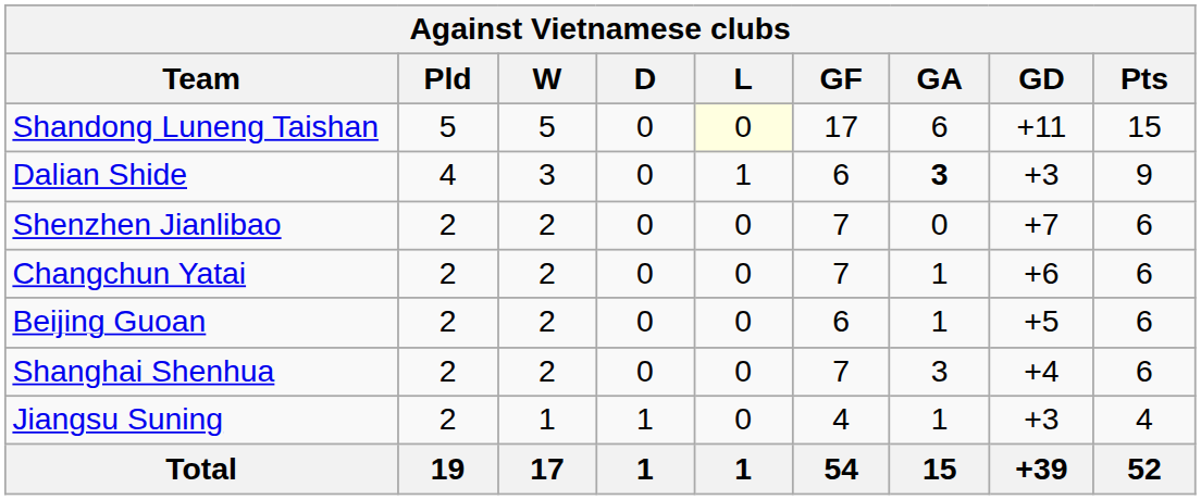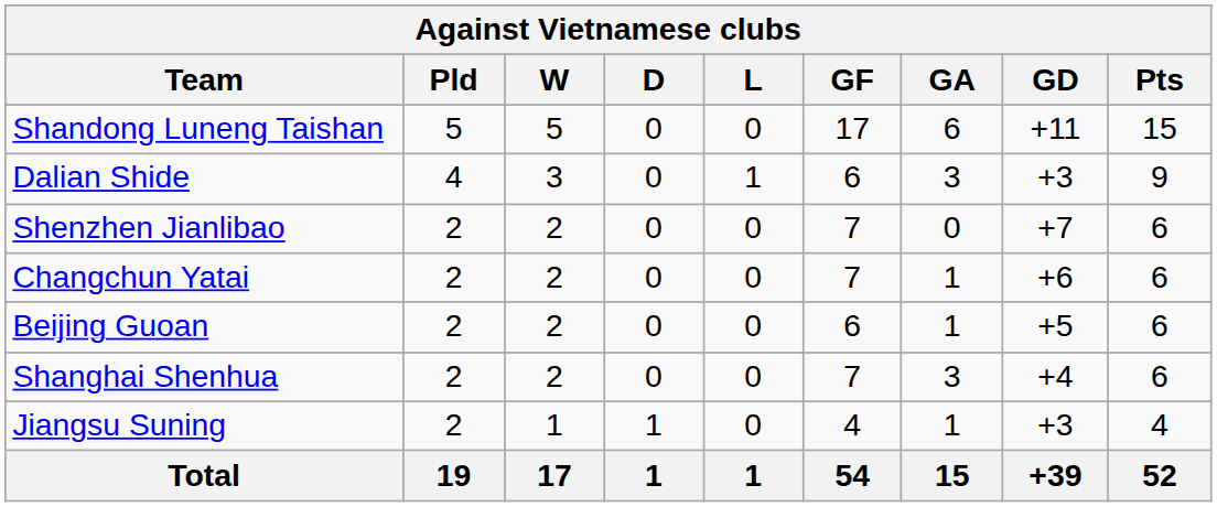 <table width=70% class="wikitable" style="text-align:center">
 <tr>
 <th colspan=9>Against Vietnamese clubs</th>
 </tr>
 <tr>
 <th width=20%>Team</th>
 <th width=5%>Pld</th>
 <th width=5%>W</th>
 <th width=5%>D</th>
 <th width=5%>L</th>
 <th width=5%>GF</th>
 <th width=5%>GA</th>
 <th width=5%>GD</th>
 <th width=5%>Pts</th>
 </tr>
 <tr>
 <td align=left> <a href='#'>Shandong Luneng Taishan</a></td>
 <td>5</td>
 <td>5</td>
 <td>0</td>
-<td style="background: lightyellow;">0</td>
+<td>0</td>
 <td>17</td>
 <td>6</td>
 <td>+11</td>
 <td>15</td>
 </tr>
 <tr>
 <td align=left> <a href='#'>Dalian Shide</a></td>
 <td>4</td>
 <td>3</td>
 <td>0</td>
 <td>1</td>
 <td>6</td>
-<td><strong>3</strong></td>
+<td>3</td>
 <td>+3</td>
 <td>9</td>
 </tr>
 <tr>
 <td align=left> <a href='#'>Shenzhen Jianlibao</a></td>
 <td>2</td>
 <td>2</td>
 <td>0</td>
 <td>0</td>
 <td>7</td>
 <td>0</td>
 <td>+7</td>
 <td>6</td>
 </tr>
 <tr>
 <td align=left> <a href='#'>Changchun Yatai</a></td>
 <td>2</td>
 <td>2</td>
 <td>0</td>
 <td>0</td>
 <td>7</td>
 <td>1</td>
 <td>+6</td>
 <td>6</td>
 </tr>
 <tr>
 <td align=left> <a href='#'>Beijing Guoan</a></td>
 <td>2</td>
 <td>2</td>
 <td>0</td>
 <td>0</td>
 <td>6</td>
 <td>1</td>
 <td>+5</td>
 <td>6</td>
 </tr>
 <tr>
 <td align=left> <a href='#'>Shanghai Shenhua</a></td>
 <td>2</td>
 <td>2</td>
 <td>0</td>
 <td>0</td>
 <td>7</td>
 <td>3</td>
 <td>+4</td>
 <td>6</td>
 </tr>
 <tr>
 <td align=left> <a href='#'>Jiangsu Suning</a></td>
 <td>2</td>
 <td>1</td>
 <td>1</td>
 <td>0</td>
 <td>4</td>
 <td>1</td>
 <td>+3</td>
 <td>4</td>
 </tr>
 <tr>
 <th>Total</th>
 <th>19</th>
 <th>17</th>
 <th>1</th>
 <th>1</th>
 <th>54</th>
 <th>15</th>
 <th>+39</th>
 <th>52</th>
 </tr>
 </table>
